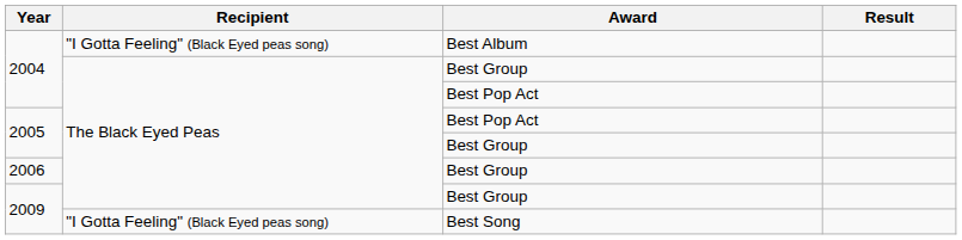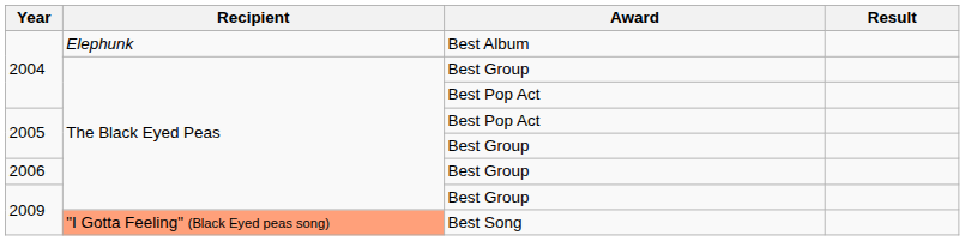 <table style="width: 75%;" class="wikitable">
 <tr>
 <th style="width:6%;">Year</th>
 <th style="width:40%;">Recipient</th>
 <th style="width:40%;">Award</th>
 <th style="width:14%;">Result</th>
 </tr>
 <tr>
 <td rowspan=3>2004</td>
-<td>"I Gotta Feeling" <small>(Black Eyed peas song)</small></td>
+<td><em>Elephunk</em></td>
 <td>Best Album</td>
 <td></td>
 </tr>
 <tr>
 <td rowspan=6>The Black Eyed Peas</td>
 <td>Best Group</td>
 <td></td>
 </tr>
 <tr>
 <td>Best Pop Act</td>
 <td></td>
 </tr>
 <tr>
 <td rowspan=2>2005</td>
 <td>Best Pop Act</td>
 <td></td>
 </tr>
 <tr>
 <td>Best Group</td>
 <td></td>
 </tr>
 <tr>
 <td>2006</td>
 <td>Best Group</td>
 <td></td>
 </tr>
 <tr>
 <td rowspan=2>2009</td>
 <td>Best Group</td>
 <td></td>
 </tr>
 <tr>
-<td>"I Gotta Feeling" <small>(Black Eyed peas song)</small></td>
+<td style="background: lightsalmon;">"I Gotta Feeling" <small>(Black Eyed peas song)</small></td>
 <td>Best Song</td>
 <td></td>
 </tr>
 </table>
